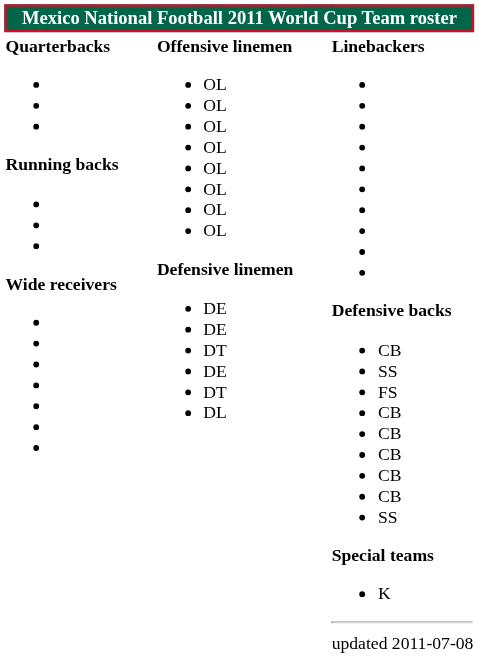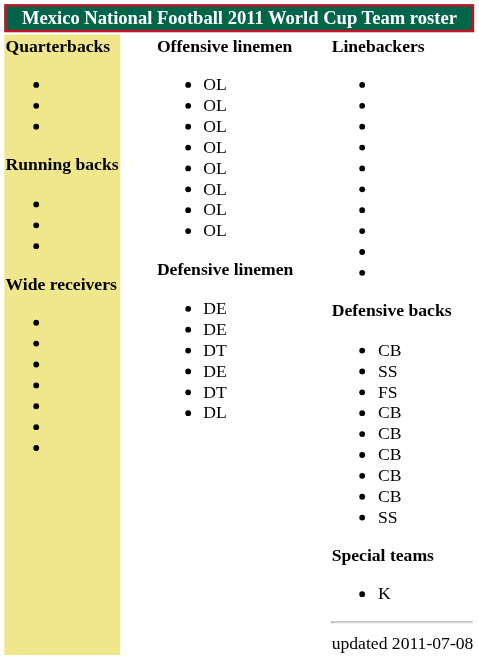 <table class="toccolours" style="text-align: left;">
 <tr>
 <th colspan="7" style="background-color: #016549; border:2px solid #CE1126;color:white;text-align:center;">Mexico National Football 2011 World Cup Team roster</th>
 </tr>
 <tr>
-<td style="font-size: 95%;vertical-align:top;"><strong>Quarterbacks</strong><br><ul><li></li><li></li><li></li></ul><strong>Running backs</strong><ul><li></li><li></li><li></li></ul><strong>Wide receivers</strong><ul><li></li><li></li><li></li><li></li><li></li><li></li><li></li></ul></td>
+<td style="background: khaki; font-size: 95%;vertical-align:top;"><strong>Quarterbacks</strong><br><ul><li></li><li></li><li></li></ul><strong>Running backs</strong><ul><li></li><li></li><li></li></ul><strong>Wide receivers</strong><ul><li></li><li></li><li></li><li></li><li></li><li></li><li></li></ul></td>
 <td style="width: 25px;"></td>
 <td style="font-size: 95%;vertical-align:top;"><strong>Offensive linemen</strong><br><ul><li> OL</li><li> OL</li><li> OL</li><li> OL</li><li> OL</li><li> OL</li><li> OL</li><li> OL</li></ul><strong>Defensive linemen</strong><ul><li> DE</li><li> DE</li><li> DT</li><li> DE</li><li> DT</li><li> DL</li></ul></td>
 <td style="width: 25px;"></td>
 <td style="font-size: 95%;vertical-align:top;"><strong>Linebackers </strong><br><ul><li></li><li></li><li></li><li></li><li></li><li></li><li></li><li></li><li></li><li></li></ul><strong>Defensive backs</strong><ul><li> CB</li><li> SS</li><li> FS</li><li> CB</li><li> CB</li><li> CB</li><li> CB</li><li> CB</li><li> SS</li></ul><strong>Special teams</strong><ul><li> K</li></ul><hr> <span></span> updated 2011-07-08<br></td>
 </tr>
 <tr>
 </tr>
 </table>
